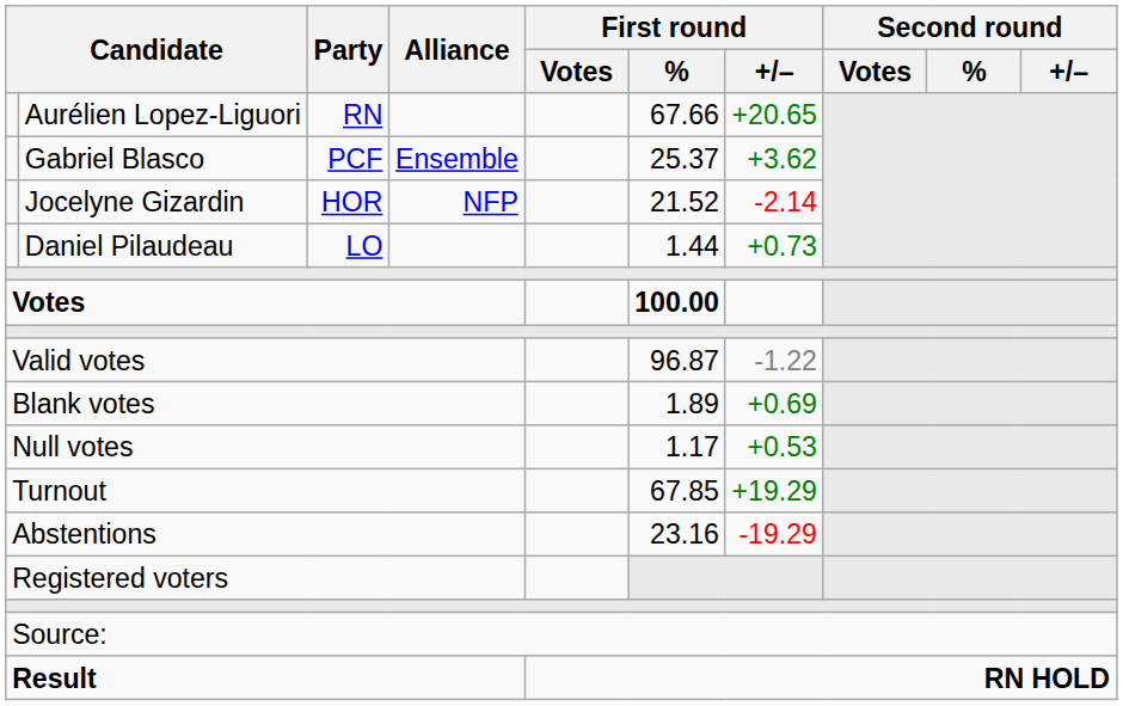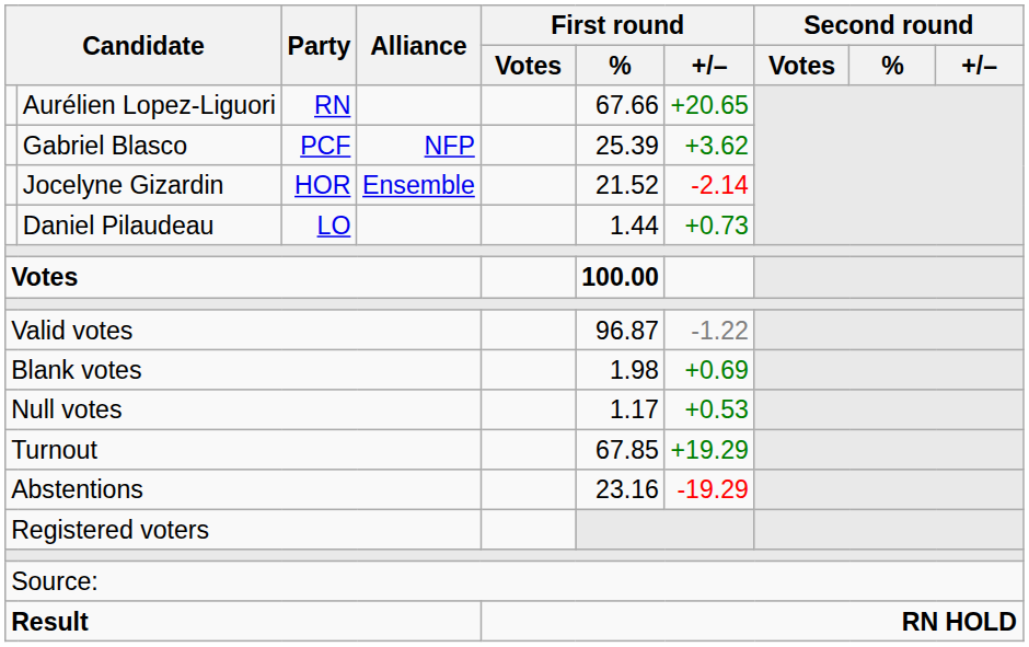 <table class="wikitable" style="text-align:right;font-size:95%;">
 <tr>
 <th rowspan="2" colspan="2">Candidate</th>
 <th colspan="1" rowspan="2">Party</th>
 <th colspan="1" rowspan="2">Alliance</th>
 <th colspan="3">First round</th>
 <th colspan="3">Second round</th>
 </tr>
 <tr>
 <th style="width:50px;">Votes</th>
 <th style="width:45px;">%</th>
 <th style="width:45px;">+/–</th>
 <th style="width:50px;">Votes</th>
 <th style="width:45px;">%</th>
 <th style="width:45px;">+/–</th>
 </tr>
 <tr>
 <td style="color:inherit;background:"></td>
 <td style="text-align:left;">Aurélien Lopez-Liguori</td>
 <td><a href='#'>RN</a></td>
 <td></td>
 <td></td>
 <td>67.66</td>
 <td style="color:green;">+20.65</td>
 <td colspan="3" rowspan="4" style="background:#E9E9E9;"></td>
 </tr>
 <tr>
 <td style="color:inherit;background:"></td>
 <td style="text-align:left;">Gabriel Blasco</td>
 <td><a href='#'>PCF</a></td>
-<td><a href='#'>Ensemble</a></td>
+<td><a href='#'>NFP</a></td>
 <td></td>
-<td>25.37</td>
+<td>25.39</td>
 <td style="color:green;">+3.62</td>
 </tr>
 <tr>
 <td style="color:inherit;background:"></td>
 <td style="text-align:left;">Jocelyne Gizardin</td>
 <td><a href='#'>HOR</a></td>
-<td><a href='#'>NFP</a></td>
+<td><a href='#'>Ensemble</a></td>
 <td></td>
 <td>21.52</td>
 <td style="color:red;">-2.14</td>
 </tr>
 <tr>
 <td style="color:inherit;background:"></td>
 <td style="text-align:left;">Daniel Pilaudeau</td>
 <td><a href='#'>LO</a></td>
 <td></td>
 <td></td>
 <td>1.44</td>
 <td style="color:green;">+0.73</td>
 </tr>
 <tr>
 <td colspan="10" style="background:#E9E9E9;"></td>
 </tr>
 <tr style="font-weight:bold;">
 <td colspan="4" style="text-align:left;">Votes</td>
 <td></td>
 <td>100.00</td>
 <td></td>
 <td colspan="3" rowspan="1" style="background:#E9E9E9;"></td>
 </tr>
 <tr>
 <td colspan="10" style="background:#E9E9E9;"></td>
 </tr>
 <tr>
 <td colspan="4" style="text-align:left;">Valid votes</td>
 <td></td>
 <td>96.87</td>
 <td style="color:grey;">-1.22</td>
 <td colspan="3" rowspan="1" style="background:#E9E9E9;"></td>
 </tr>
 <tr>
 <td colspan="4" style="text-align:left;">Blank votes</td>
 <td></td>
-<td>1.89</td>
+<td>1.98</td>
 <td style="color:green;">+0.69</td>
 <td colspan="3" rowspan="1" style="background:#E9E9E9;"></td>
 </tr>
 <tr>
 <td colspan="4" style="text-align:left;">Null votes</td>
 <td></td>
 <td>1.17</td>
 <td style="color:green;">+0.53</td>
 <td colspan="3" rowspan="1" style="background:#E9E9E9;"></td>
 </tr>
 <tr>
 <td colspan="4" style="text-align:left;">Turnout</td>
 <td></td>
 <td>67.85</td>
 <td style="color:green;">+19.29</td>
 <td colspan="3" rowspan="1" style="background:#E9E9E9;"></td>
 </tr>
 <tr>
 <td colspan="4" style="text-align:left;">Abstentions</td>
 <td></td>
 <td>23.16</td>
 <td style="color:red;">-19.29</td>
 <td colspan="3" rowspan="1" style="background:#E9E9E9;"></td>
 </tr>
 <tr>
 <td colspan="4" style="text-align:left;">Registered voters</td>
 <td></td>
 <td colspan="2" style="background:#E9E9E9;"></td>
 <td colspan="3" rowspan="1" style="background:#E9E9E9;"></td>
 </tr>
 <tr>
 <td colspan="10" style="background:#E9E9E9;"></td>
 </tr>
 <tr>
 <td colspan="10" style="text-align:left;">Source: </td>
 </tr>
 <tr style="font-weight:bold">
 <td colspan="4" style="text-align:left;">Result</td>
 <td colspan="6" style="background-color:">RN HOLD</td>
 </tr>
 </table>
